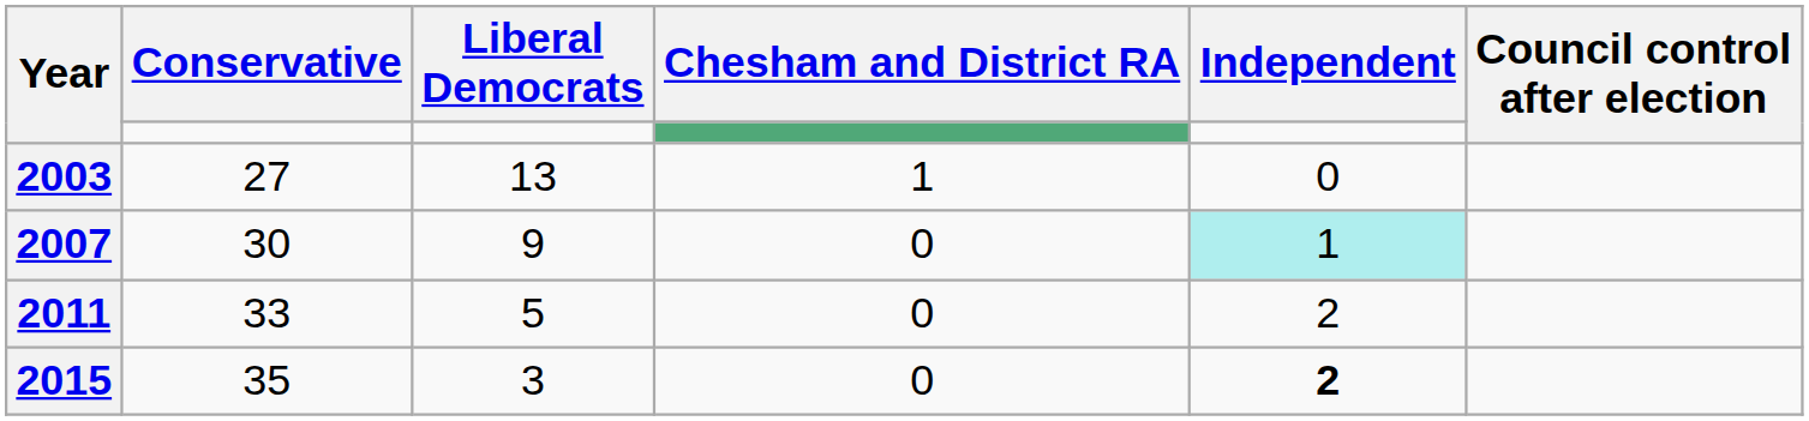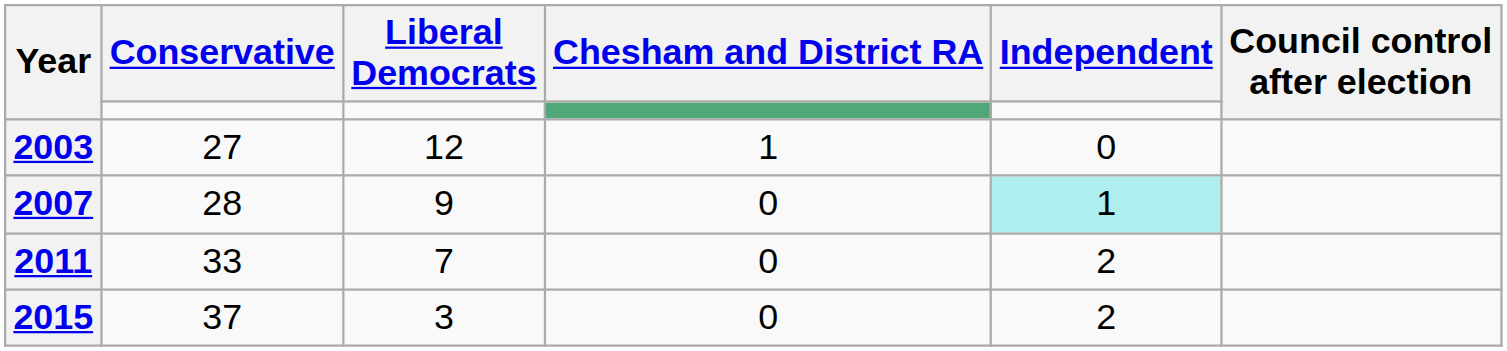 <table class="wikitable plainrowheaders" style="text-align:center">
 <tr>
 <th scope="col" rowspan="2">Year</th>
 <th scope="col"><a href='#'>Conservative</a></th>
 <th scope="col" style="width:1px"><a href='#'>Liberal Democrats</a></th>
 <th scope="col"><a href='#'>Chesham and District RA</a></th>
 <th scope="col"><a href='#'>Independent</a></th>
 <th scope="col" rowspan="2" colspan="2">Council control<br>after election</th>
 </tr>
 <tr>
 <td style="background:"></td>
 <td style="background:"></td>
 <td style="background:#50a878"></td>
 <td style="background:"></td>
 </tr>
 <tr>
 <th scope="row"><a href='#'>2003</a></th>
 <td>27</td>
-<td>13</td>
+<td>12</td>
 <td>1</td>
 <td>0</td>
 <td></td>
 </tr>
 <tr>
 <th scope="row"><a href='#'>2007</a></th>
-<td>30</td>
+<td>28</td>
 <td>9</td>
 <td>0</td>
 <td style="background: paleturquoise;">1</td>
 <td></td>
 </tr>
 <tr>
 <th scope="row"><a href='#'>2011</a></th>
 <td>33</td>
-<td>5</td>
+<td>7</td>
 <td>0</td>
 <td>2</td>
 <td></td>
 </tr>
 <tr>
 <th scope="row"><a href='#'>2015</a></th>
-<td>35</td>
+<td>37</td>
 <td>3</td>
 <td>0</td>
-<td><strong>2</strong></td>
+<td>2</td>
 <td></td>
 </tr>
 </table>
